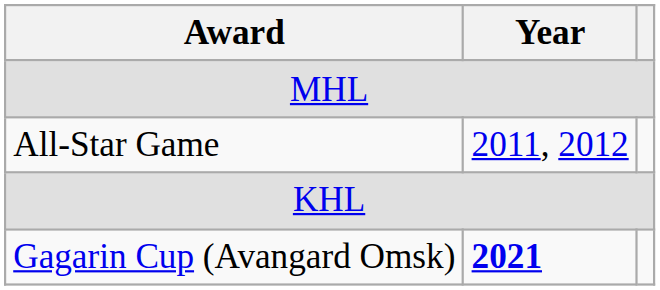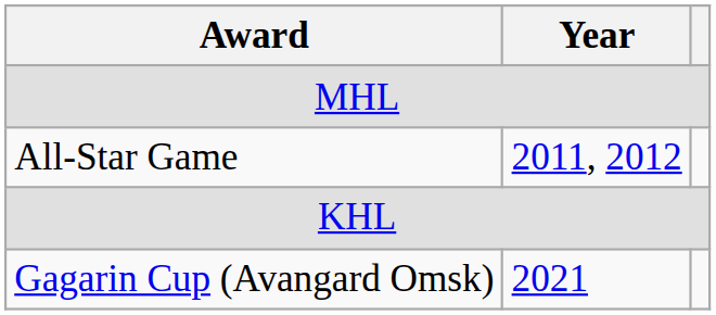 <table class="wikitable">
 <tr>
 <th>Award</th>
 <th>Year</th>
 <th></th>
 </tr>
 <tr ALIGN="center" bgcolor="#e0e0e0">
 <td colspan="3"><a href='#'>MHL</a></td>
 </tr>
 <tr>
 <td>All-Star Game</td>
 <td><a href='#'>2011</a>, <a href='#'>2012</a></td>
 <td></td>
 </tr>
 <tr ALIGN="center" bgcolor="#e0e0e0">
 <td colspan="3"><a href='#'>KHL</a></td>
 </tr>
 <tr>
 <td><a href='#'>Gagarin Cup</a> (Avangard Omsk)</td>
-<td><strong><a href='#'>2021</a></strong></td>
+<td><a href='#'>2021</a></td>
 <td></td>
 </tr>
 </table>
